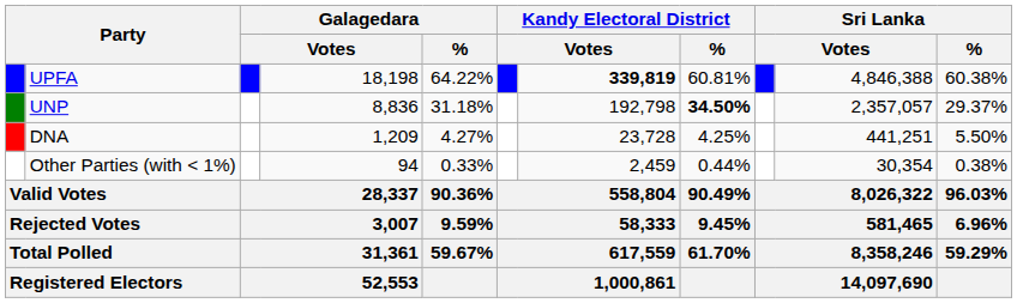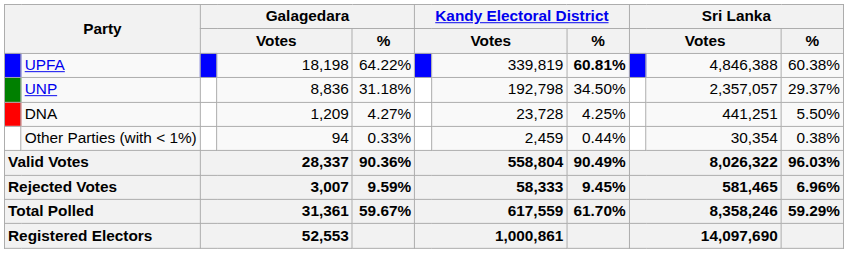 <table class="wikitable">
 <tr>
 <th colspan="2" width="144px"rowspan="2">Party</th>
 <th colspan="3" width="216px">Galagedara</th>
 <th colspan="3" width="216px"><a href='#'>Kandy Electoral District</a></th>
 <th colspan="3" width="216px">Sri Lanka</th>
 </tr>
 <tr>
 <th colspan="2" width="144px">Votes</th>
 <th>%</th>
 <th colspan="2" width="144px">Votes</th>
 <th>%</th>
 <th colspan="2" width="144px">Votes</th>
 <th>%</th>
 </tr>
 <tr>
 <td style="background-color:blue;" width="10px"></td>
 <td style="text-align:left;"><a href='#'>UPFA</a></td>
 <td style="background-color:blue;" width="10px"></td>
 <td style="text-align:right;">18,198</td>
 <td style="text-align:right;">64.22%</td>
 <td style="background-color:blue;" width="10px"></td>
-<td style="text-align:right;"><strong>339,819</strong></td>
-<td style="text-align:right;">60.81%</td>
+<td style="text-align:right;">339,819</td>
+<td style="text-align:right;"><strong>60.81%</strong></td>
 <td style="background-color:blue;" width="10px"></td>
 <td style="text-align:right;">4,846,388</td>
 <td style="text-align:right;">60.38%</td>
 </tr>
 <tr>
 <td style="background-color:green;" width="10px"></td>
 <td style="text-align:left;"><a href='#'>UNP</a></td>
 <td style="background-color:white;" width="10px"></td>
 <td style="text-align:right;">8,836</td>
 <td style="text-align:right;">31.18%</td>
 <td style="background-color:white;" width="10px"></td>
 <td style="text-align:right;">192,798</td>
-<td style="text-align:right;"><strong>34.50%</strong></td>
+<td style="text-align:right;">34.50%</td>
 <td style="background-color:white;" width="10px"></td>
 <td style="text-align:right;">2,357,057</td>
 <td style="text-align:right;">29.37%</td>
 </tr>
 <tr>
 <td style="background-color:red;" width="10px"></td>
 <td style="text-align:left;">DNA</td>
 <td style="background-color:white;" width="10px"></td>
 <td style="text-align:right;">1,209</td>
 <td style="text-align:right;">4.27%</td>
 <td style="background-color:white;" width="10px"></td>
 <td style="text-align:right;">23,728</td>
 <td style="text-align:right;">4.25%</td>
 <td style="background-color:white;" width="10px"></td>
 <td style="text-align:right;">441,251</td>
 <td style="text-align:right;">5.50%</td>
 </tr>
 <tr>
 <td style="background-color:white;" width="10px"></td>
 <td style="text-align:left;">Other Parties (with < 1%)</td>
 <td style="background-color:white;" width="10px"></td>
 <td style="text-align:right;">94</td>
 <td style="text-align:right;">0.33%</td>
 <td style="background-color:white;" width="10px"></td>
 <td style="text-align:right;">2,459</td>
 <td style="text-align:right;">0.44%</td>
 <td style="background-color:white;" width="10px"></td>
 <td style="text-align:right;">30,354</td>
 <td style="text-align:right;">0.38%</td>
 </tr>
 <tr>
 <th colspan="2" width="144px"style="text-align:left;">Valid Votes</th>
 <th style="text-align:right;"colspan="2" width="144px">28,337</th>
 <th style="text-align:right;">90.36%</th>
 <th style="text-align:right;"colspan="2" width="144px">558,804</th>
 <th style="text-align:right;">90.49%</th>
 <th style="text-align:right;"colspan="2" width="144px">8,026,322</th>
 <th style="text-align:right;">96.03%</th>
 </tr>
 <tr>
 <th colspan="2" width="144px"style="text-align:left;">Rejected Votes</th>
 <th style="text-align:right;"colspan="2" width="144px">3,007</th>
 <th style="text-align:right;">9.59%</th>
 <th style="text-align:right;"colspan="2" width="144px">58,333</th>
 <th style="text-align:right;">9.45%</th>
 <th style="text-align:right;"colspan="2" width="144px">581,465</th>
 <th style="text-align:right;">6.96%</th>
 </tr>
 <tr>
 <th colspan="2" width="144px"style="text-align:left;">Total Polled</th>
 <th style="text-align:right;"colspan="2" width="144px">31,361</th>
 <th style="text-align:right;">59.67%</th>
 <th style="text-align:right;"colspan="2" width="144px">617,559</th>
 <th style="text-align:right;">61.70%</th>
 <th style="text-align:right;"colspan="2" width="144px">8,358,246</th>
 <th style="text-align:right;">59.29%</th>
 </tr>
 <tr>
 <th colspan="2" width="144px"style="text-align:left;">Registered Electors</th>
 <th style="text-align:right;"colspan="2" width="144px">52,553</th>
 <th></th>
 <th style="text-align:right;"colspan="2" width="144px">1,000,861</th>
 <th></th>
 <th style="text-align:right;"colspan="2" width="144px">14,097,690</th>
 <th></th>
 </tr>
 </table>
